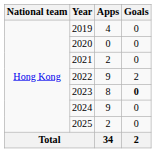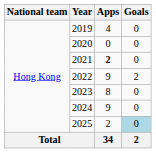 <table class="wikitable" style="text-align:center">
 <tr>
 <th>National team</th>
 <th>Year</th>
 <th>Apps</th>
 <th>Goals</th>
 </tr>
 <tr>
 <td rowspan="7"><a href='#'>Hong Kong</a></td>
 <td>2019</td>
 <td>4</td>
 <td>0</td>
 </tr>
 <tr>
 <td>2020</td>
 <td>0</td>
 <td>0</td>
 </tr>
 <tr>
 <td>2021</td>
-<td>2</td>
+<td><strong>2</strong></td>
 <td>0</td>
 </tr>
 <tr>
 <td>2022</td>
 <td>9</td>
 <td>2</td>
 </tr>
 <tr>
 <td>2023</td>
 <td>8</td>
-<td><strong>0</strong></td>
+<td>0</td>
 </tr>
 <tr>
 <td>2024</td>
 <td>9</td>
 <td>0</td>
 </tr>
 <tr>
 <td>2025</td>
 <td>2</td>
-<td>0</td>
+<td style="background: lightblue;">0</td>
 </tr>
 <tr>
 <th colspan="2">Total</th>
 <th>34</th>
 <th>2</th>
 </tr>
 </table>
